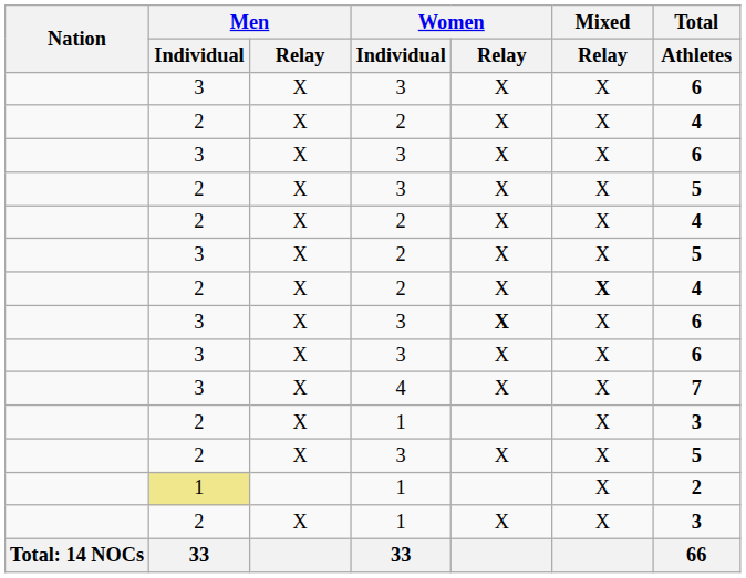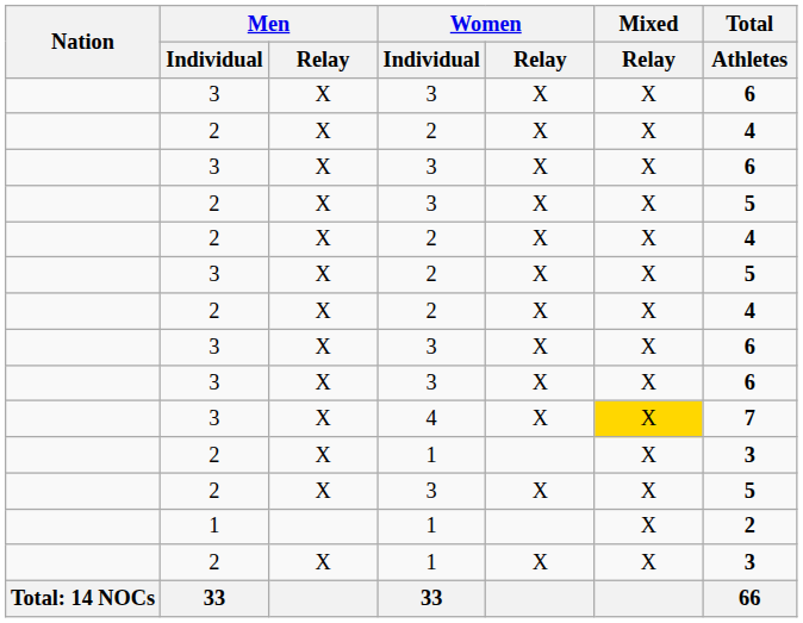 <table class="wikitable" style="text-align:center; font-size:90%">
 <tr>
 <th rowspan="2" align="left">Nation</th>
 <th colspan="2"><a href='#'>Men</a></th>
 <th colspan="2"><a href='#'>Women</a></th>
 <th>Mixed</th>
 <th>Total</th>
 </tr>
 <tr>
 <th width=65>Individual</th>
 <th width=65>Relay</th>
 <th width=65>Individual</th>
 <th width=65>Relay</th>
 <th width=65>Relay</th>
 <th width=55>Athletes</th>
 </tr>
 <tr>
 <td align=left></td>
 <td>3</td>
 <td>X</td>
 <td>3</td>
 <td>X</td>
 <td>X</td>
 <td><strong>6</strong></td>
 </tr>
 <tr>
 <td align=left></td>
 <td>2</td>
 <td>X</td>
 <td>2</td>
 <td>X</td>
 <td>X</td>
 <td><strong>4</strong></td>
 </tr>
 <tr>
 <td align=left></td>
 <td>3</td>
 <td>X</td>
 <td>3</td>
 <td>X</td>
 <td>X</td>
 <td><strong>6</strong></td>
 </tr>
 <tr>
 <td align=left></td>
 <td>2</td>
 <td>X</td>
 <td>3</td>
 <td>X</td>
 <td>X</td>
 <td><strong>5</strong></td>
 </tr>
 <tr>
 <td align=left></td>
 <td>2</td>
 <td>X</td>
 <td>2</td>
 <td>X</td>
 <td>X</td>
 <td><strong>4</strong></td>
 </tr>
 <tr>
 <td align=left></td>
 <td>3</td>
 <td>X</td>
 <td>2</td>
 <td>X</td>
 <td>X</td>
 <td><strong>5</strong></td>
 </tr>
 <tr>
 <td align=left></td>
 <td>2</td>
 <td>X</td>
 <td>2</td>
 <td>X</td>
-<td><strong>X</strong></td>
+<td>X</td>
 <td><strong>4</strong></td>
 </tr>
 <tr>
 <td align=left></td>
 <td>3</td>
 <td>X</td>
 <td>3</td>
-<td><strong>X</strong></td>
+<td>X</td>
 <td>X</td>
 <td><strong>6</strong></td>
 </tr>
 <tr>
 <td align=left></td>
 <td>3</td>
 <td>X</td>
 <td>3</td>
 <td>X</td>
 <td>X</td>
 <td><strong>6</strong></td>
 </tr>
 <tr>
 <td align=left></td>
 <td>3</td>
 <td>X</td>
 <td>4</td>
 <td>X</td>
-<td>X</td>
+<td style="background: gold;">X</td>
 <td><strong>7</strong></td>
 </tr>
 <tr>
 <td align=left></td>
 <td>2</td>
 <td>X</td>
 <td>1</td>
 <td></td>
 <td>X</td>
 <td><strong>3</strong></td>
 </tr>
 <tr>
 <td align=left></td>
 <td>2</td>
 <td>X</td>
 <td>3</td>
 <td>X</td>
 <td>X</td>
 <td><strong>5</strong></td>
 </tr>
 <tr>
 <td align=left></td>
-<td style="background: khaki;">1</td>
+<td>1</td>
 <td></td>
 <td>1</td>
 <td></td>
 <td>X</td>
 <td><strong>2</strong></td>
 </tr>
 <tr>
 <td align=left></td>
 <td>2</td>
 <td>X</td>
 <td>1</td>
 <td>X</td>
 <td>X</td>
 <td><strong>3</strong></td>
 </tr>
 <tr>
 <th>Total: 14 NOCs</th>
 <th>33</th>
 <th></th>
 <th>33</th>
 <th></th>
 <th></th>
 <th>66</th>
 </tr>
 </table>
